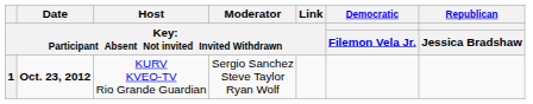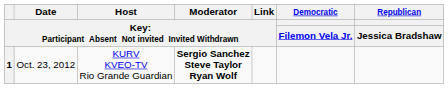 <table class="wikitable" style="text-align:center;">
 <tr>
 <th scope="col"></th>
 <th scope="col">Date</th>
 <th scope="col">Host</th>
 <th scope="col">Moderator</th>
 <th scope="col">Link</th>
 <th scope="col"><small><a href='#'>Democratic</a></small></th>
 <th scope="col"><small><a href='#'>Republican</a></small></th>
 </tr>
 <tr>
 <th colspan="5" rowspan="2">Key:<br> <small>Participant </small>  <small>Absent </small>  <small>Not invited </small>  <small>Invited  Withdrawn</small></th>
 <th scope="col" style="background:"></th>
 <th scope="col" style="background:"></th>
 </tr>
 <tr>
 <th scope="col"><a href='#'>Filemon Vela Jr.</a></th>
 <th scope="col">Jessica Bradshaw</th>
 </tr>
 <tr>
 <th>1</th>
-<td style="white-space:nowrap;"><strong>Oct. 23, 2012</strong></td>
+<td style="white-space:nowrap;">Oct. 23, 2012</td>
 <td style="white-space:nowrap;"><a href='#'>KURV</a><br><a href='#'>KVEO-TV</a><br>Rio Grande Guardian</td>
-<td style="white-space:nowrap;">Sergio Sanchez<br>Steve Taylor<br>Ryan Wolf</td>
+<td style="white-space:nowrap;"><strong>Sergio Sanchez<br>Steve Taylor<br>Ryan Wolf</strong></td>
 <td style="white-space:nowrap;"></td>
 <td></td>
 <td></td>
 </tr>
 </table>
